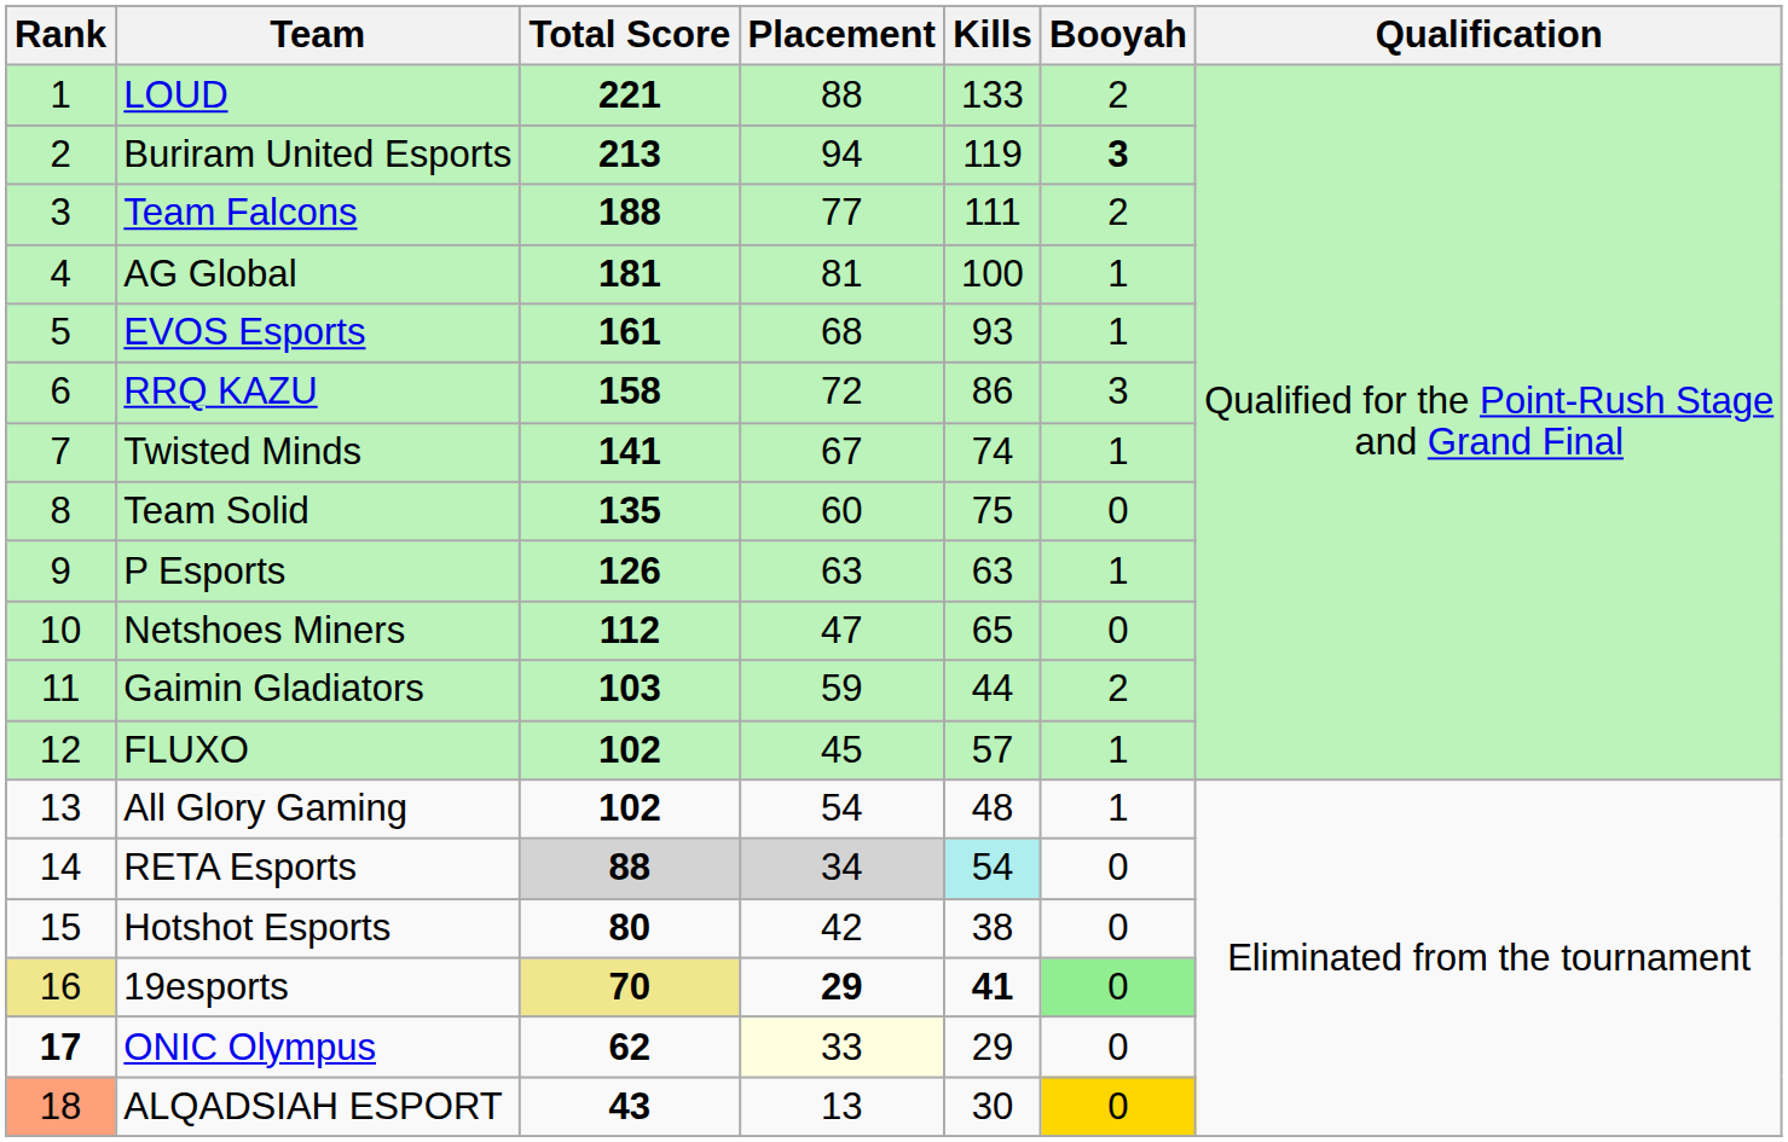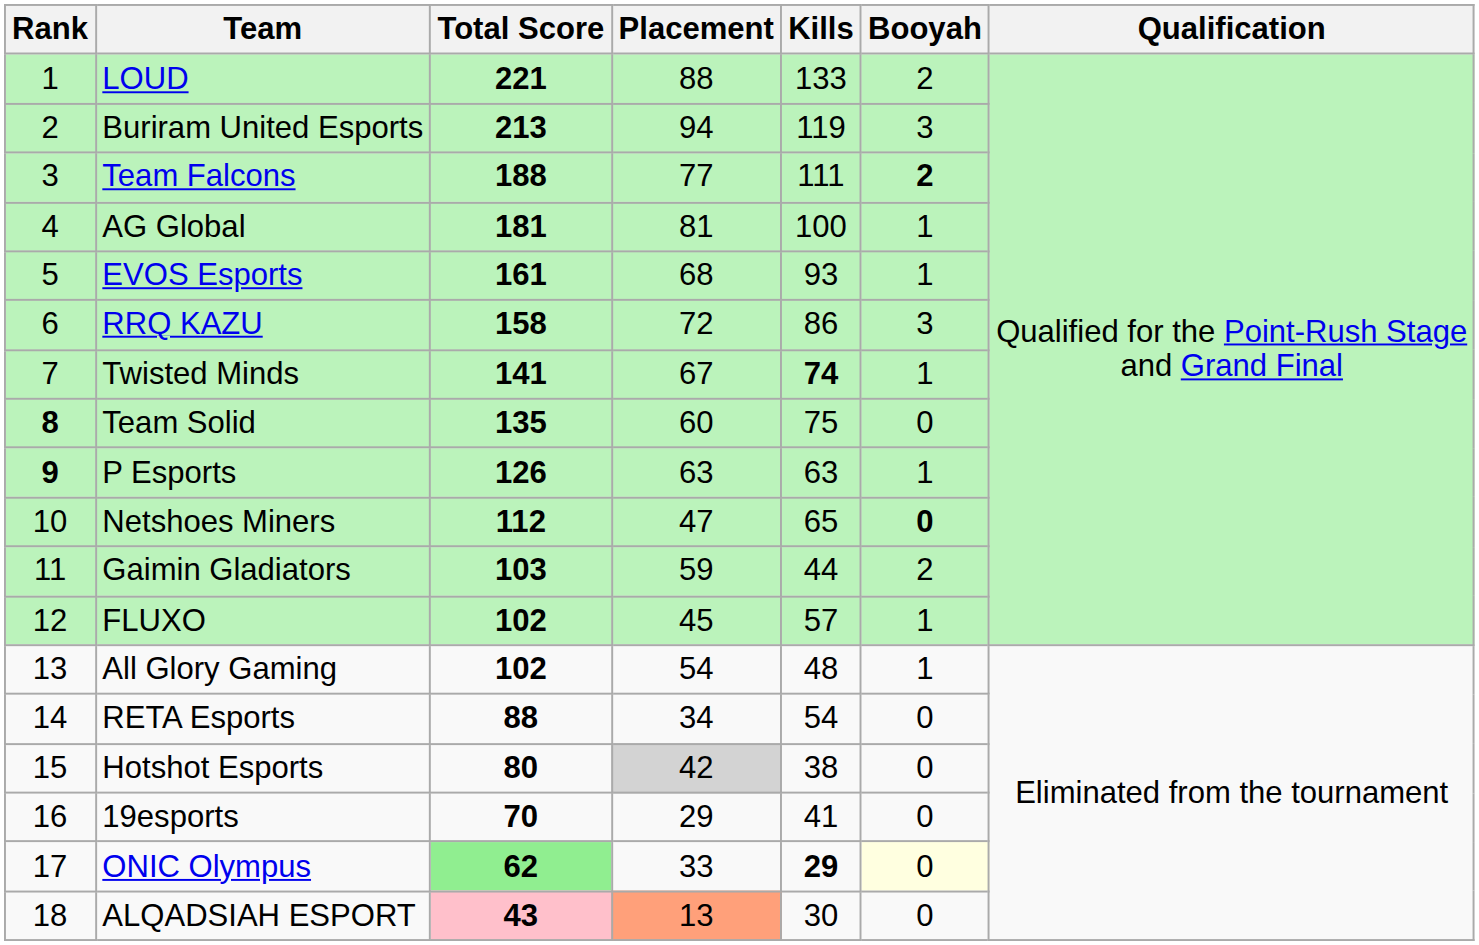 <table class="wikitable" style="text-align:center">
 <tr>
 <th>Rank</th>
 <th>Team</th>
 <th>Total Score</th>
 <th>Placement</th>
 <th>Kills</th>
 <th>Booyah</th>
 <th>Qualification</th>
 </tr>
 <tr>
 <td style="background:#BBF3BB">1</td>
 <td align=left style="background:#BBF3BB"> <a href='#'>LOUD</a></td>
 <td style="background:#BBF3BB"><strong>221</strong></td>
 <td style="background:#BBF3BB">88</td>
 <td style="background:#BBF3BB">133</td>
 <td style="background:#BBF3BB">2</td>
 <td style="background:#BBF3BB" rowspan="12">Qualified for the <a href='#'>Point-Rush Stage</a> <br> and <a href='#'>Grand Final</a></td>
 </tr>
 <tr>
 <td style="background:#BBF3BB">2</td>
 <td align=left style="background:#BBF3BB"> Buriram United Esports</td>
 <td style="background:#BBF3BB"><strong>213</strong></td>
 <td style="background:#BBF3BB">94</td>
 <td style="background:#BBF3BB">119</td>
-<td style="background:#BBF3BB"><strong>3</strong></td>
+<td style="background:#BBF3BB">3</td>
 </tr>
 <tr>
 <td style="background:#BBF3BB">3</td>
 <td align=left style="background:#BBF3BB"> <a href='#'>Team Falcons</a></td>
 <td style="background:#BBF3BB"><strong>188</strong></td>
 <td style="background:#BBF3BB">77</td>
 <td style="background:#BBF3BB">111</td>
-<td style="background:#BBF3BB">2</td>
+<td style="background:#BBF3BB"><strong>2</strong></td>
 </tr>
 <tr>
 <td style="background:#BBF3BB">4</td>
 <td align=left style="background:#BBF3BB"> AG Global</td>
 <td style="background:#BBF3BB"><strong>181</strong></td>
 <td style="background:#BBF3BB">81</td>
 <td style="background:#BBF3BB">100</td>
 <td style="background:#BBF3BB">1</td>
 </tr>
 <tr>
 <td style="background:#BBF3BB">5</td>
 <td align=left style="background:#BBF3BB"> <a href='#'>EVOS Esports</a></td>
 <td style="background:#BBF3BB"><strong>161</strong></td>
 <td style="background:#BBF3BB">68</td>
 <td style="background:#BBF3BB">93</td>
 <td style="background:#BBF3BB">1</td>
 </tr>
 <tr>
 <td style="background:#BBF3BB">6</td>
 <td align=left style="background:#BBF3BB"> <a href='#'>RRQ KAZU</a></td>
 <td style="background:#BBF3BB"><strong>158</strong></td>
 <td style="background:#BBF3BB">72</td>
 <td style="background:#BBF3BB">86</td>
 <td style="background:#BBF3BB">3</td>
 </tr>
 <tr>
 <td style="background:#BBF3BB">7</td>
 <td align=left style="background:#BBF3BB"> Twisted Minds</td>
 <td style="background:#BBF3BB"><strong>141</strong></td>
 <td style="background:#BBF3BB">67</td>
-<td style="background:#BBF3BB">74</td>
+<td style="background:#BBF3BB"><strong>74</strong></td>
 <td style="background:#BBF3BB">1</td>
 </tr>
 <tr>
-<td style="background:#BBF3BB">8</td>
+<td style="background:#BBF3BB"><strong>8</strong></td>
 <td align=left style="background:#BBF3BB"> Team Solid</td>
 <td style="background:#BBF3BB"><strong>135</strong></td>
 <td style="background:#BBF3BB">60</td>
 <td style="background:#BBF3BB">75</td>
 <td style="background:#BBF3BB">0</td>
 </tr>
 <tr>
-<td style="background:#BBF3BB">9</td>
+<td style="background:#BBF3BB"><strong>9</strong></td>
 <td align=left style="background:#BBF3BB"> P Esports</td>
 <td style="background:#BBF3BB"><strong>126</strong></td>
 <td style="background:#BBF3BB">63</td>
 <td style="background:#BBF3BB">63</td>
 <td style="background:#BBF3BB">1</td>
 </tr>
 <tr>
 <td style="background:#BBF3BB">10</td>
 <td align=left style="background:#BBF3BB"> Netshoes Miners</td>
 <td style="background:#BBF3BB"><strong>112</strong></td>
 <td style="background:#BBF3BB">47</td>
 <td style="background:#BBF3BB">65</td>
-<td style="background:#BBF3BB">0</td>
+<td style="background:#BBF3BB"><strong>0</strong></td>
 </tr>
 <tr>
 <td style="background:#BBF3BB">11</td>
 <td align=left style="background:#BBF3BB"> Gaimin Gladiators</td>
 <td style="background:#BBF3BB"><strong>103</strong></td>
 <td style="background:#BBF3BB">59</td>
 <td style="background:#BBF3BB">44</td>
 <td style="background:#BBF3BB">2</td>
 </tr>
 <tr>
 <td style="background:#BBF3BB">12</td>
 <td align=left style="background:#BBF3BB"> FLUXO</td>
 <td style="background:#BBF3BB"><strong>102</strong></td>
 <td style="background:#BBF3BB">45</td>
 <td style="background:#BBF3BB">57</td>
 <td style="background:#BBF3BB">1</td>
 </tr>
 <tr>
 <td>13</td>
 <td align=left> All Glory Gaming</td>
 <td><strong>102</strong></td>
 <td>54</td>
 <td>48</td>
 <td>1</td>
 <td rowspan="6">Eliminated from the tournament</td>
 </tr>
 <tr>
 <td>14</td>
 <td align=left> RETA Esports</td>
-<td style="background: lightgrey;"><strong>88</strong></td>
-<td style="background: lightgrey;">34</td>
-<td style="background: paleturquoise;">54</td>
+<td><strong>88</strong></td>
+<td>34</td>
+<td>54</td>
 <td>0</td>
 </tr>
 <tr>
 <td>15</td>
 <td align=left> Hotshot Esports</td>
 <td><strong>80</strong></td>
-<td>42</td>
+<td style="background: lightgrey;">42</td>
 <td>38</td>
 <td>0</td>
 </tr>
 <tr>
-<td style="background: khaki;">16</td>
+<td>16</td>
 <td align=left> 19esports</td>
-<td style="background: khaki;"><strong>70</strong></td>
-<td><strong>29</strong></td>
-<td><strong>41</strong></td>
-<td style="background: lightgreen;">0</td>
-</tr>
-<tr>
-<td><strong>17</strong></td>
-<td align=left> <a href='#'>ONIC Olympus</a></td>
-<td><strong>62</strong></td>
-<td style="background: lightyellow;">33</td>
+<td><strong>70</strong></td>
 <td>29</td>
+<td>41</td>
 <td>0</td>
 </tr>
 <tr>
-<td style="background: lightsalmon;">18</td>
+<td>17</td>
+<td align=left> <a href='#'>ONIC Olympus</a></td>
+<td style="background: lightgreen;"><strong>62</strong></td>
+<td>33</td>
+<td><strong>29</strong></td>
+<td style="background: lightyellow;">0</td>
+</tr>
+<tr>
+<td>18</td>
 <td align=left> ALQADSIAH ESPORT</td>
-<td><strong>43</strong></td>
-<td>13</td>
+<td style="background: pink;"><strong>43</strong></td>
+<td style="background: lightsalmon;">13</td>
 <td>30</td>
-<td style="background: gold;">0</td>
+<td>0</td>
 </tr>
 </table>
